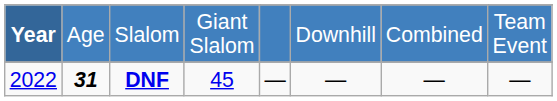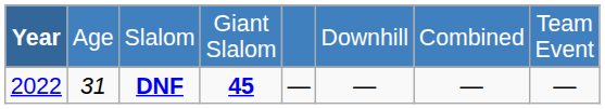 <table class="wikitable" style="font-size:95%; text-align:center; border:grey solid 1px; border-collapse:collapse;" width="40%">
 <tr style="background-color:#369; color:white;">
 <td rowspan="2" colspan="1" width="4%"><strong>Year</strong></td>
 </tr>
 <tr style="background-color:#4180be; color:white;">
 <td width="3%">Age</td>
 <td width="5%">Slalom</td>
 <td width="5%">Giant<br>Slalom</td>
 <td width="5%"></td>
 <td width="5%">Downhill</td>
 <td width="5%">Combined</td>
 <td width="5%">Team Event</td>
 </tr>
 <tr style="background-color:#8CB2D8; color:white;">
 </tr>
 <tr>
 <td><a href='#'>2022</a></td>
-<td><strong><em>31</em></strong></td>
+<td><em>31</em></td>
 <td><strong><a href='#'>DNF</a></strong></td>
-<td><a href='#'>45</a></td>
+<td><strong><a href='#'>45</a></strong></td>
 <td>—</td>
 <td>—</td>
 <td>—</td>
 <td>—</td>
 </tr>
 </table>
